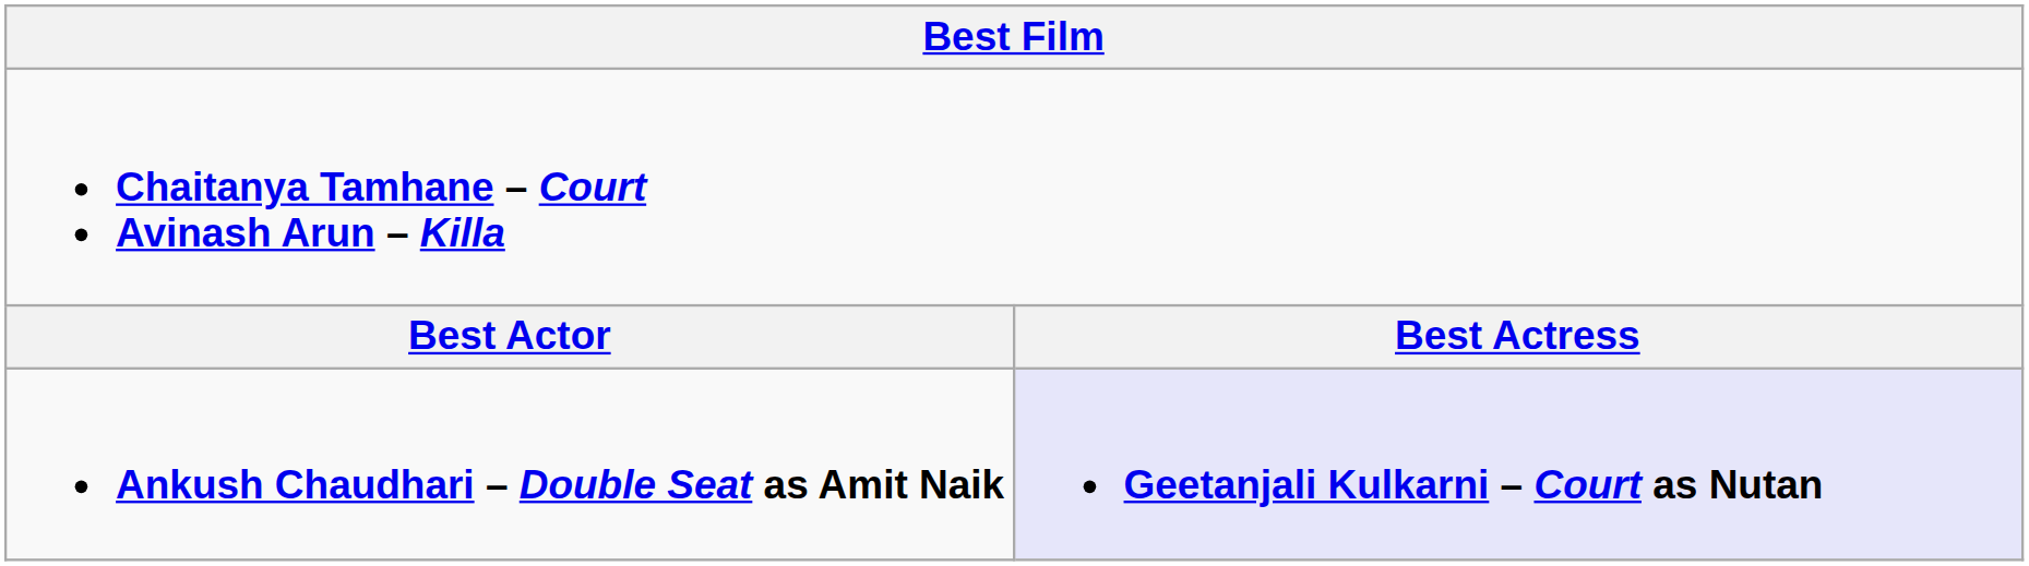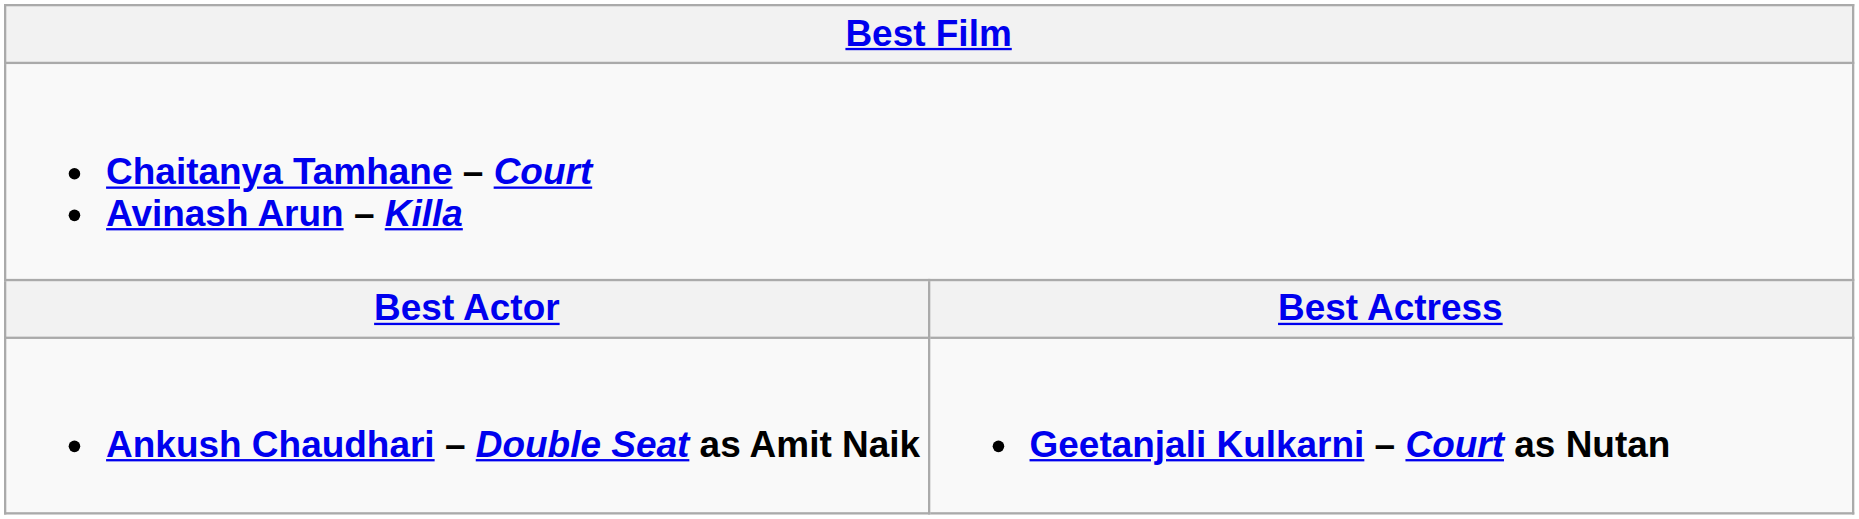 <table class="wikitable">
 <tr>
 <th colspan=2><a href='#'>Best Film</a></th>
 </tr>
 <tr>
 <td colspan=2><br><ul><li><strong><a href='#'>Chaitanya Tamhane</a></strong> <strong>–</strong> <strong><em><a href='#'>Court</a></em></strong></li><li><strong><a href='#'>Avinash Arun</a></strong> <strong>–</strong> <strong><em><a href='#'>Killa</a></em></strong></li></ul></td>
 </tr>
 <tr>
 <th style="vertical-align:top; width:50%;"><a href='#'>Best Actor</a></th>
 <th style="vertical-align:top; width:50%;"><a href='#'>Best Actress</a></th>
 </tr>
 <tr>
 <td><br><ul><li><strong><a href='#'>Ankush Chaudhari</a> – <em><a href='#'>Double Seat</a></em> as Amit Naik</strong></li></ul></td>
-<td style="background: lavender;"><br><ul><li><strong><a href='#'>Geetanjali Kulkarni</a> – <em><a href='#'>Court</a></em> as Nutan</strong></li></ul></td>
+<td><br><ul><li><strong><a href='#'>Geetanjali Kulkarni</a> – <em><a href='#'>Court</a></em> as Nutan</strong></li></ul></td>
 </tr>
 </table>
